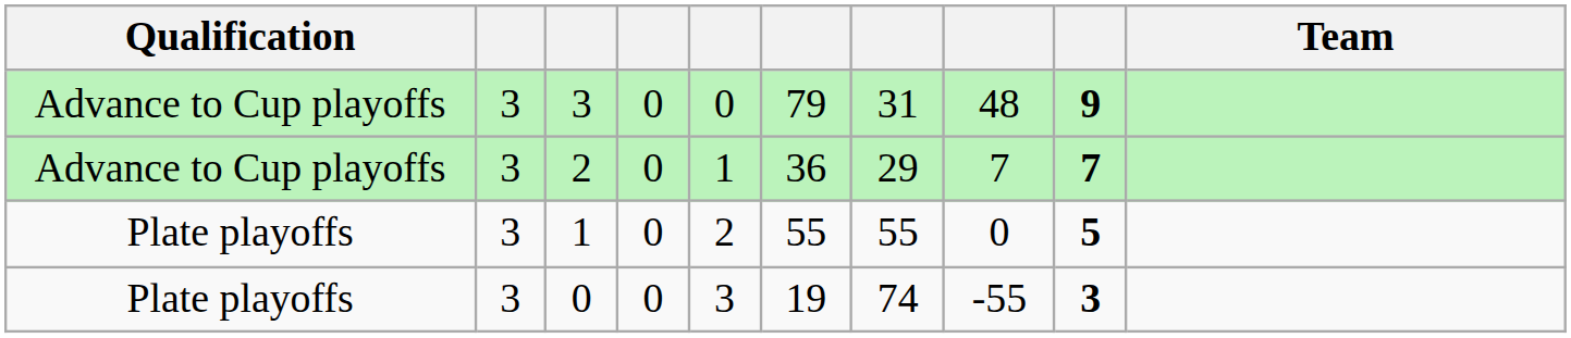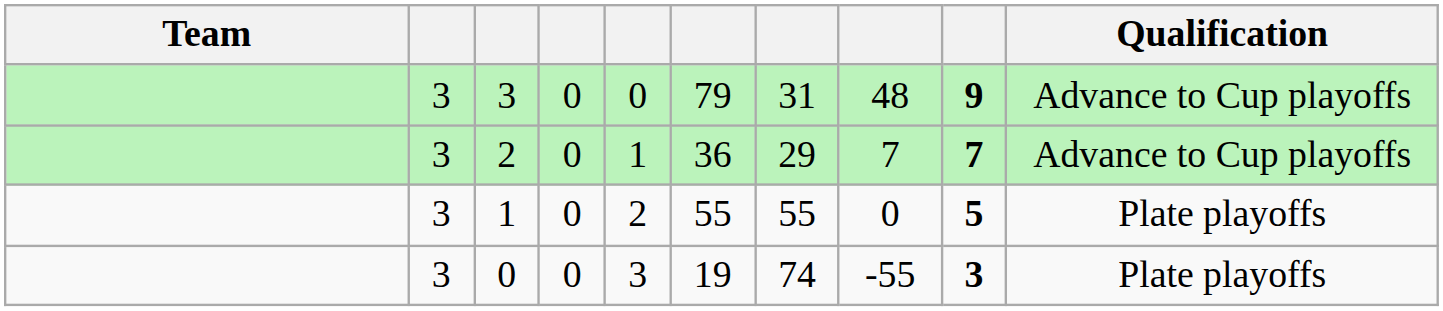 <table class="wikitable" style="text-align:center;">
 <tr>
-<th style="width:12.5em">Qualification</th>
+<th style="width:12.5em">Team</th>
 <th style="width:1.5em;"></th>
 <th style="width:1.5em;"></th>
 <th style="width:1.5em;"></th>
 <th style="width:1.5em;"></th>
 <th style="width:2.0em;"></th>
 <th style="width:2.0em;"></th>
 <th style="width:2.5em;"></th>
 <th style="width:1.5em;"></th>
-<th style="width:12.5em">Team</th>
+<th style="width:12.5em">Qualification</th>
 </tr>
 <tr bgcolor=#bbf3bb>
-<td>Advance to Cup playoffs</td>
+<td align=left></td>
 <td>3</td>
 <td>3</td>
 <td>0</td>
 <td>0</td>
 <td>79</td>
 <td>31</td>
 <td>48</td>
 <td><strong>9</strong></td>
-<td align=left></td>
+<td>Advance to Cup playoffs</td>
 </tr>
 <tr bgcolor=#bbf3bb>
-<td>Advance to Cup playoffs</td>
+<td align=left></td>
 <td>3</td>
 <td>2</td>
 <td>0</td>
 <td>1</td>
 <td>36</td>
 <td>29</td>
 <td>7</td>
 <td><strong>7</strong></td>
-<td align=left></td>
+<td>Advance to Cup playoffs</td>
 </tr>
 <tr>
-<td>Plate playoffs</td>
+<td align=left></td>
 <td>3</td>
 <td>1</td>
 <td>0</td>
 <td>2</td>
 <td>55</td>
 <td>55</td>
 <td>0</td>
 <td><strong>5</strong></td>
-<td align=left></td>
+<td>Plate playoffs</td>
 </tr>
 <tr>
-<td>Plate playoffs</td>
+<td align=left></td>
 <td>3</td>
 <td>0</td>
 <td>0</td>
 <td>3</td>
 <td>19</td>
 <td>74</td>
 <td>-55</td>
 <td><strong>3</strong></td>
-<td align=left></td>
+<td>Plate playoffs</td>
 </tr>
 </table>
